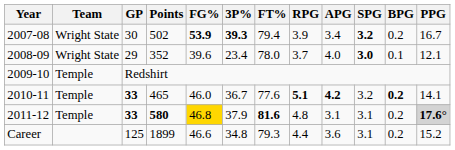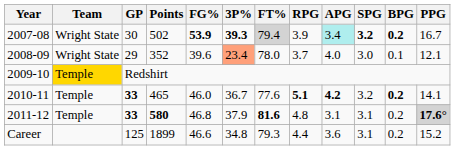 <table class="wikitable">
 <tr>
 <th>Year</th>
 <th>Team</th>
 <th>GP</th>
 <th>Points</th>
 <th>FG%</th>
 <th>3P%</th>
 <th>FT%</th>
 <th>RPG</th>
 <th>APG</th>
 <th>SPG</th>
 <th>BPG</th>
 <th>PPG</th>
 </tr>
 <tr>
 <td>2007-08</td>
 <td>Wright State</td>
 <td>30</td>
 <td>502</td>
 <td><strong>53.9</strong></td>
 <td><strong>39.3</strong></td>
-<td>79.4</td>
+<td style="background: lightgrey;">79.4</td>
 <td>3.9</td>
-<td>3.4</td>
+<td style="background: paleturquoise;">3.4</td>
 <td><strong>3.2</strong></td>
-<td>0.2</td>
+<td><strong>0.2</strong></td>
 <td>16.7</td>
 </tr>
 <tr>
 <td>2008-09</td>
 <td>Wright State</td>
 <td>29</td>
 <td>352</td>
 <td>39.6</td>
-<td>23.4</td>
+<td style="background: lightsalmon;">23.4</td>
 <td>78.0</td>
 <td>3.7</td>
 <td>4.0</td>
-<td><strong>3.0</strong></td>
+<td>3.0</td>
 <td>0.1</td>
 <td>12.1</td>
 </tr>
 <tr>
 <td>2009-10</td>
-<td>Temple</td>
+<td style="background: gold;">Temple</td>
 <td colspan="10">Redshirt</td>
 </tr>
 <tr>
 <td>2010-11</td>
 <td>Temple</td>
 <td><strong>33</strong></td>
 <td>465</td>
 <td>46.0</td>
 <td>36.7</td>
 <td>77.6</td>
 <td><strong>5.1</strong></td>
 <td><strong>4.2</strong></td>
 <td>3.2</td>
 <td><strong>0.2</strong></td>
 <td>14.1</td>
 </tr>
 <tr>
 <td>2011-12</td>
 <td>Temple</td>
 <td><strong>33</strong></td>
 <td><strong>580</strong></td>
-<td style="background: gold;">46.8</td>
+<td>46.8</td>
 <td>37.9</td>
 <td><strong>81.6</strong></td>
 <td>4.8</td>
 <td>3.1</td>
 <td>3.1</td>
 <td>0.2</td>
 <td style="background:#D3D3D3"><strong>17.6</strong>°</td>
 </tr>
 <tr>
 <td>Career</td>
 <td></td>
 <td>125</td>
 <td>1899</td>
 <td>46.6</td>
 <td>34.8</td>
 <td>79.3</td>
 <td>4.4</td>
 <td>3.6</td>
 <td>3.1</td>
 <td>0.2</td>
 <td>15.2</td>
 </tr>
 </table>
